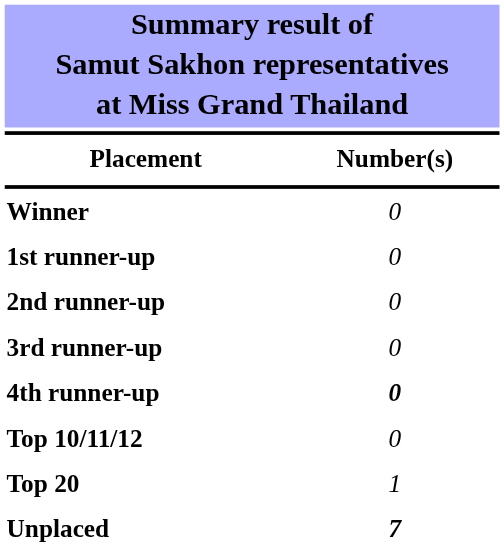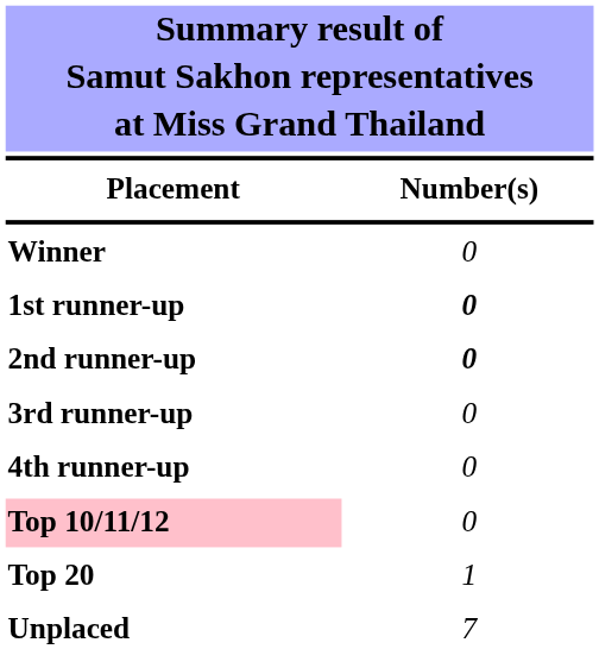 <table style="width: 270px; font-size:85%; line-height:1.5em;">
 <tr>
 <th colspan="2" align="center" style="background:#AAF;"><big>Summary result of<br>Samut Sakhon representatives<br>at Miss Grand Thailand</big></th>
 </tr>
 <tr>
 <td colspan="2" style="background:black"></td>
 </tr>
 <tr>
 <th scope="col">Placement</th>
 <th scope="col">Number(s)</th>
 </tr>
 <tr>
 <td colspan="2" style="background:black"></td>
 </tr>
 <tr>
 <td align="left"><strong>Winner</strong></td>
 <td align="center"><em>0</em></td>
 </tr>
 <tr>
 <td align="left"><strong>1st runner-up</strong></td>
-<td align="center"><em>0</em></td>
+<td align="center"><strong><em>0</em></strong></td>
 </tr>
 <tr>
 <td align="left"><strong>2nd runner-up</strong></td>
-<td align="center"><em>0</em></td>
+<td align="center"><strong><em>0</em></strong></td>
 </tr>
 <tr>
 <td align="left"><strong>3rd runner-up</strong></td>
 <td align="center"><em>0</em></td>
 </tr>
 <tr>
 <td align="left"><strong>4th runner-up</strong></td>
-<td align="center"><strong><em>0</em></strong></td>
+<td align="center"><em>0</em></td>
 </tr>
 <tr>
-<td align="left"><strong>Top 10/11/12</strong></td>
+<td align="left" style="background: pink;"><strong>Top 10/11/12</strong></td>
 <td align="center"><em>0</em></td>
 </tr>
 <tr>
 <td align="left"><strong>Top 20</strong></td>
 <td align="center"><em>1</em></td>
 </tr>
 <tr>
 <td align="left"><strong>Unplaced</strong></td>
-<td align="center"><strong><em>7</em></strong></td>
+<td align="center"><em>7</em></td>
 </tr>
 </table>
